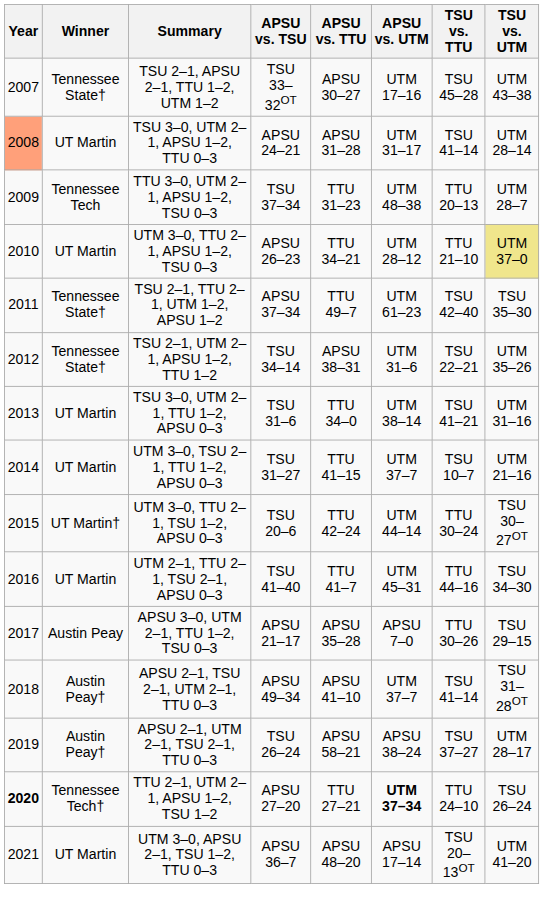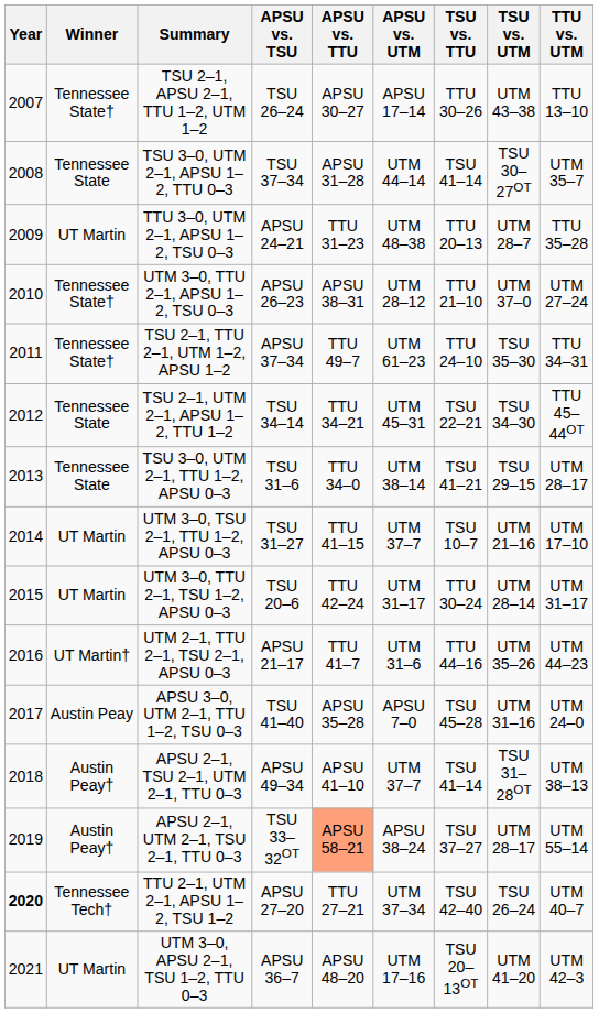 <table class="wikitable" style="text-align:center;">
 <tr>
 <th>Year</th>
 <th>Winner</th>
 <th>Summary</th>
 <th>APSU vs. TSU</th>
 <th>APSU vs. TTU</th>
 <th>APSU vs. UTM</th>
 <th>TSU vs. TTU</th>
 <th>TSU vs. UTM</th>
+<th>TTU vs. UTM</th>
 </tr>
 <tr>
 <td>2007</td>
 <td>Tennessee State†</td>
 <td>TSU 2–1, APSU 2–1, TTU 1–2, UTM 1–2</td>
-<td>TSU 33–32<sup>OT</sup></td>
+<td>TSU 26–24</td>
 <td>APSU 30–27</td>
-<td>UTM 17–16</td>
-<td>TSU 45–28</td>
+<td>APSU 17–14</td>
+<td>TTU 30–26</td>
 <td>UTM 43–38</td>
+<td>TTU 13–10</td>
 </tr>
 <tr>
-<td style="background: lightsalmon;">2008</td>
-<td>UT Martin</td>
+<td>2008</td>
+<td>Tennessee State</td>
 <td>TSU 3–0, UTM 2–1, APSU 1–2, TTU 0–3</td>
-<td>APSU 24–21</td>
+<td>TSU 37–34</td>
 <td>APSU 31–28</td>
-<td>UTM 31–17</td>
+<td>UTM 44–14</td>
 <td>TSU 41–14</td>
-<td>UTM 28–14</td>
+<td>TSU 30–27<sup>OT</sup></td>
+<td>UTM 35–7</td>
 </tr>
 <tr>
 <td>2009</td>
-<td>Tennessee Tech</td>
+<td>UT Martin</td>
 <td>TTU 3–0, UTM 2–1, APSU 1–2, TSU 0–3</td>
-<td>TSU 37–34</td>
+<td>APSU 24–21</td>
 <td>TTU 31–23</td>
 <td>UTM 48–38</td>
 <td>TTU 20–13</td>
 <td>UTM 28–7</td>
+<td>TTU 35–28</td>
 </tr>
 <tr>
 <td>2010</td>
-<td>UT Martin</td>
+<td>Tennessee State†</td>
 <td>UTM 3–0, TTU 2–1, APSU 1–2, TSU 0–3</td>
 <td>APSU 26–23</td>
-<td>TTU 34–21</td>
+<td>APSU 38–31</td>
 <td>UTM 28–12</td>
 <td>TTU 21–10</td>
-<td style="background: khaki;">UTM 37–0</td>
+<td>UTM 37–0</td>
+<td>UTM 27–24</td>
 </tr>
 <tr>
 <td>2011</td>
 <td>Tennessee State†</td>
 <td>TSU 2–1, TTU 2–1, UTM 1–2, APSU 1–2</td>
 <td>APSU 37–34</td>
 <td>TTU 49–7</td>
 <td>UTM 61–23</td>
-<td>TSU 42–40</td>
+<td>TTU 24–10</td>
 <td>TSU 35–30</td>
+<td>TTU 34–31</td>
 </tr>
 <tr>
 <td>2012</td>
-<td>Tennessee State†</td>
+<td>Tennessee State</td>
 <td>TSU 2–1, UTM 2–1, APSU 1–2, TTU 1–2</td>
 <td>TSU 34–14</td>
-<td>APSU 38–31</td>
-<td>UTM 31–6</td>
+<td>TTU 34–21</td>
+<td>UTM 45–31</td>
 <td>TSU 22–21</td>
-<td>UTM 35–26</td>
+<td>TSU 34–30</td>
+<td>TTU 45–44<sup>OT</sup></td>
 </tr>
 <tr>
 <td>2013</td>
-<td>UT Martin</td>
+<td>Tennessee State</td>
 <td>TSU 3–0, UTM 2–1, TTU 1–2, APSU 0–3</td>
 <td>TSU 31–6</td>
 <td>TTU 34–0</td>
 <td>UTM 38–14</td>
 <td>TSU 41–21</td>
-<td>UTM 31–16</td>
+<td>TSU 29–15</td>
+<td>UTM 28–17</td>
 </tr>
 <tr>
 <td>2014</td>
 <td>UT Martin</td>
 <td>UTM 3–0, TSU 2–1, TTU 1–2, APSU 0–3</td>
 <td>TSU 31–27</td>
 <td>TTU 41–15</td>
 <td>UTM 37–7</td>
 <td>TSU 10–7</td>
 <td>UTM 21–16</td>
+<td>UTM 17–10</td>
 </tr>
 <tr>
 <td>2015</td>
-<td>UT Martin†</td>
+<td>UT Martin</td>
 <td>UTM 3–0, TTU 2–1, TSU 1–2, APSU 0–3</td>
 <td>TSU 20–6</td>
 <td>TTU 42–24</td>
-<td>UTM 44–14</td>
+<td>UTM 31–17</td>
 <td>TTU 30–24</td>
-<td>TSU 30–27<sup>OT</sup></td>
+<td>UTM 28–14</td>
+<td>UTM 31–17</td>
 </tr>
 <tr>
 <td>2016</td>
-<td>UT Martin</td>
+<td>UT Martin†</td>
 <td>UTM 2–1, TTU 2–1, TSU 2–1, APSU 0–3</td>
-<td>TSU 41–40</td>
+<td>APSU 21–17</td>
 <td>TTU 41–7</td>
-<td>UTM 45–31</td>
+<td>UTM 31–6</td>
 <td>TTU 44–16</td>
-<td>TSU 34–30</td>
+<td>UTM 35–26</td>
+<td>UTM 44–23</td>
 </tr>
 <tr>
 <td>2017</td>
 <td>Austin Peay</td>
 <td>APSU 3–0, UTM 2–1, TTU 1–2, TSU 0–3</td>
-<td>APSU 21–17</td>
+<td>TSU 41–40</td>
 <td>APSU 35–28</td>
 <td>APSU 7–0</td>
-<td>TTU 30–26</td>
-<td>TSU 29–15</td>
+<td>TSU 45–28</td>
+<td>UTM 31–16</td>
+<td>UTM 24–0</td>
 </tr>
 <tr>
 <td>2018</td>
 <td>Austin Peay†</td>
 <td>APSU 2–1, TSU 2–1, UTM 2–1, TTU 0–3</td>
 <td>APSU 49–34</td>
 <td>APSU 41–10</td>
 <td>UTM 37–7</td>
 <td>TSU 41–14</td>
 <td>TSU 31–28<sup>OT</sup></td>
+<td>UTM 38–13</td>
 </tr>
 <tr>
 <td>2019</td>
 <td>Austin Peay†</td>
 <td>APSU 2–1, UTM 2–1, TSU 2–1, TTU 0–3</td>
-<td>TSU 26–24</td>
-<td>APSU 58–21</td>
+<td>TSU 33–32<sup>OT</sup></td>
+<td style="background: lightsalmon;">APSU 58–21</td>
 <td>APSU 38–24</td>
 <td>TSU 37–27</td>
 <td>UTM 28–17</td>
+<td>UTM 55–14</td>
 </tr>
 <tr>
 <td><strong>2020</strong></td>
 <td>Tennessee Tech†</td>
 <td>TTU 2–1, UTM 2–1, APSU 1–2, TSU 1–2</td>
 <td>APSU 27–20</td>
 <td>TTU 27–21</td>
-<td><strong>UTM 37–34</strong></td>
-<td>TTU 24–10</td>
+<td>UTM 37–34</td>
+<td>TSU 42–40</td>
 <td>TSU 26–24</td>
+<td>UTM 40–7</td>
 </tr>
 <tr>
 <td>2021</td>
 <td>UT Martin</td>
 <td>UTM 3–0, APSU 2–1, TSU 1–2, TTU 0–3</td>
 <td>APSU 36–7</td>
 <td>APSU 48–20</td>
-<td>APSU 17–14</td>
+<td>UTM 17–16</td>
 <td>TSU 20–13<sup>OT</sup></td>
 <td>UTM 41–20</td>
+<td>UTM 42–3</td>
 </tr>
 </table>
